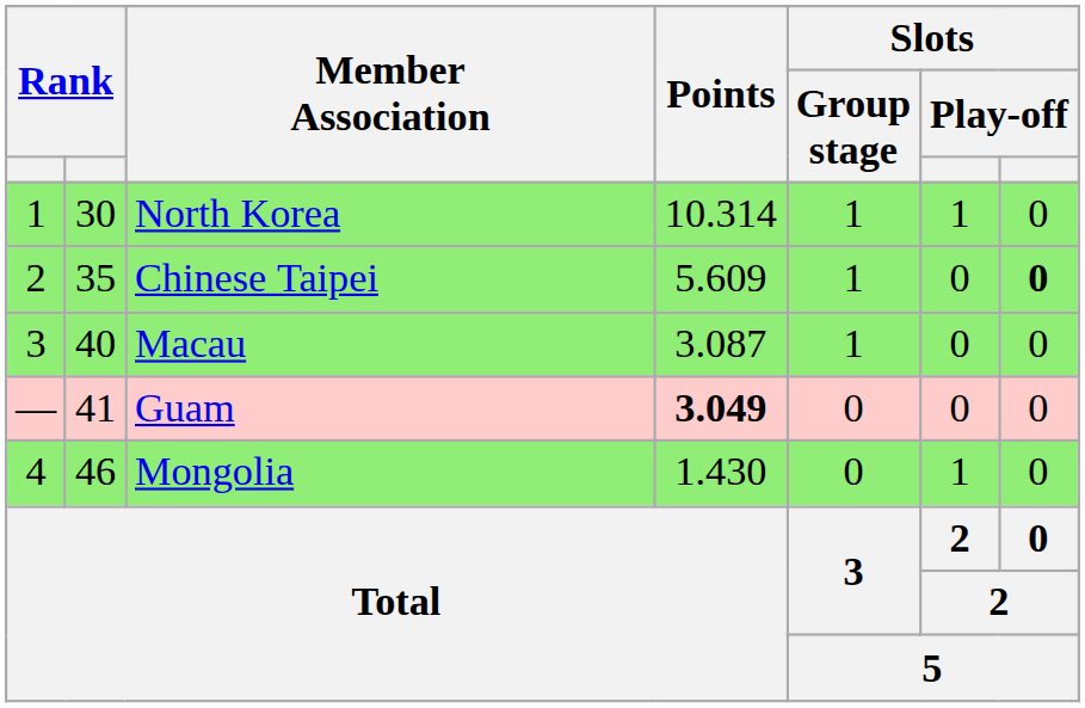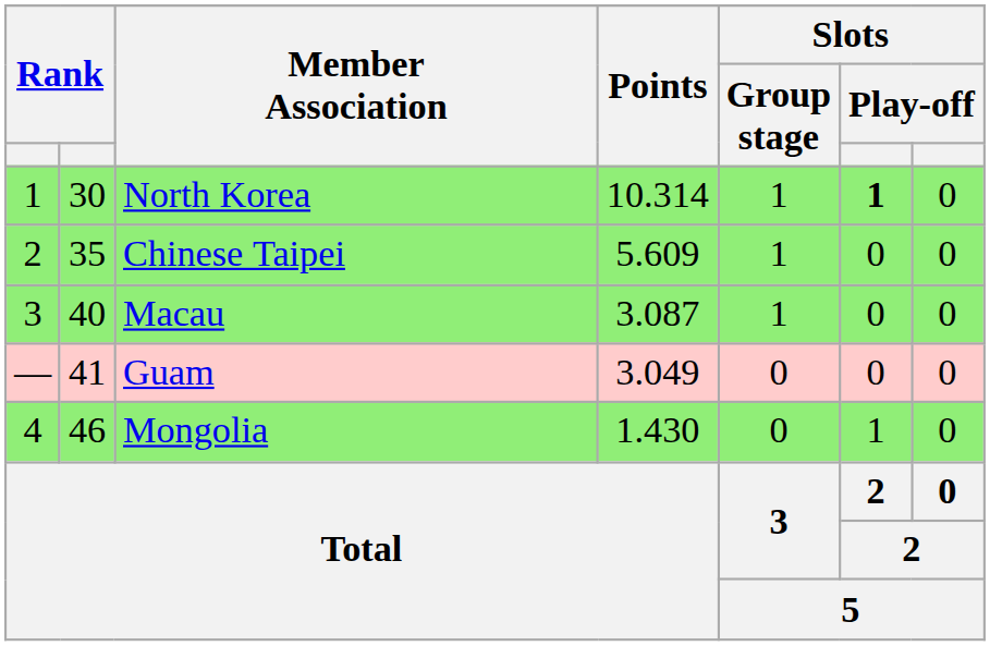 <table class="wikitable" style="text-align:center">
 <tr>
 </tr>
 <tr>
 <th colspan=2 rowspan=2><a href='#'>Rank</a></th>
 <th rowspan=3 width=200>Member<br>Association</th>
 <th rowspan=3>Points</th>
 <th colspan=3>Slots</th>
 </tr>
 <tr>
 <th rowspan=2>Group<br>stage</th>
 <th colspan=2>Play-off</th>
 </tr>
 <tr>
 <th></th>
 <th></th>
 <th></th>
 <th></th>
 </tr>
 <tr bgcolor=#90ee77>
 <td>1</td>
 <td>30</td>
 <td align=left> <a href='#'>North Korea</a></td>
 <td>10.314</td>
 <td>1</td>
-<td>1</td>
+<td><strong>1</strong></td>
 <td>0</td>
 </tr>
 <tr bgcolor=#90ee77>
 <td>2</td>
 <td>35</td>
 <td align=left> <a href='#'>Chinese Taipei</a></td>
 <td>5.609</td>
 <td>1</td>
 <td>0</td>
-<td><strong>0</strong></td>
+<td>0</td>
 </tr>
 <tr bgcolor=#90ee77>
 <td>3</td>
 <td>40</td>
 <td align=left> <a href='#'>Macau</a></td>
 <td>3.087</td>
 <td>1</td>
 <td>0</td>
 <td>0</td>
 </tr>
 <tr bgcolor=#ffcccc>
 <td>—</td>
 <td>41</td>
 <td align=left> <a href='#'>Guam</a></td>
-<td><strong>3.049</strong></td>
+<td>3.049</td>
 <td>0</td>
 <td>0</td>
 <td>0</td>
 </tr>
 <tr bgcolor=#90ee77>
 <td>4</td>
 <td>46</td>
 <td align=left> <a href='#'>Mongolia</a></td>
 <td>1.430</td>
 <td>0</td>
 <td>1</td>
 <td>0</td>
 </tr>
 <tr>
 <th colspan=4 rowspan=3>Total</th>
 <th rowspan=2>3</th>
 <th>2</th>
 <th>0</th>
 </tr>
 <tr>
 <th colspan=2>2</th>
 </tr>
 <tr>
 <th colspan=3>5</th>
 </tr>
 </table>
